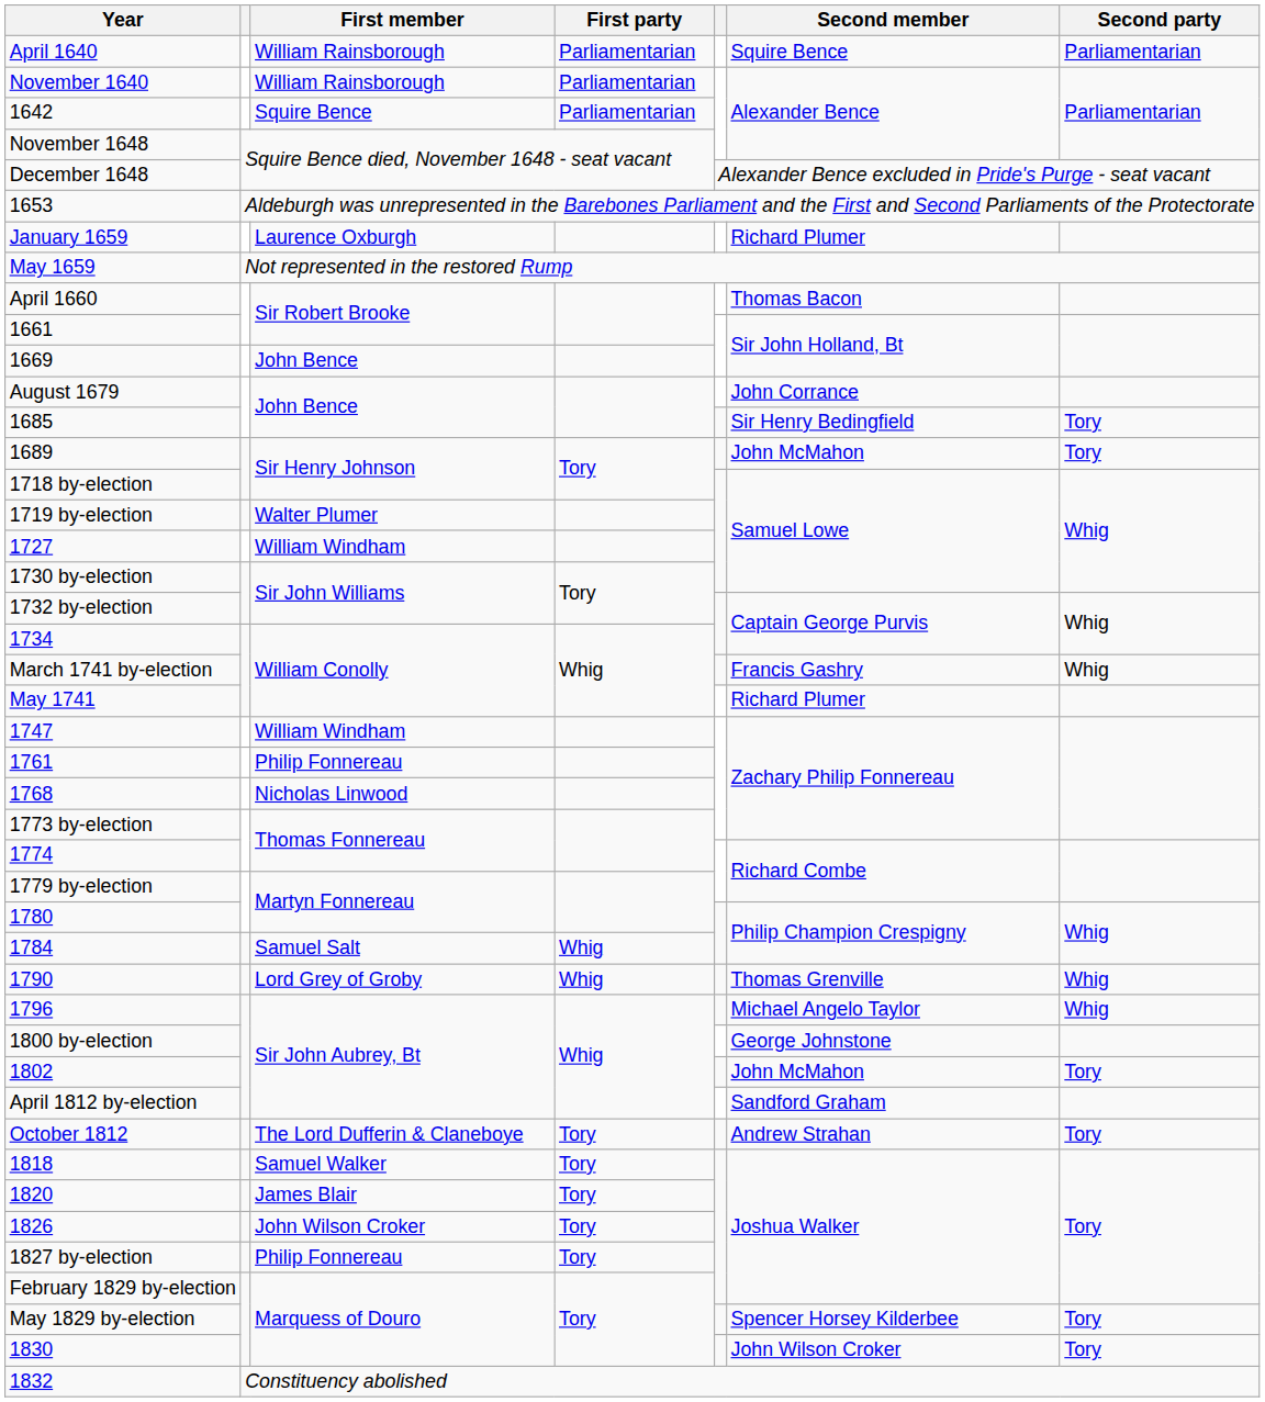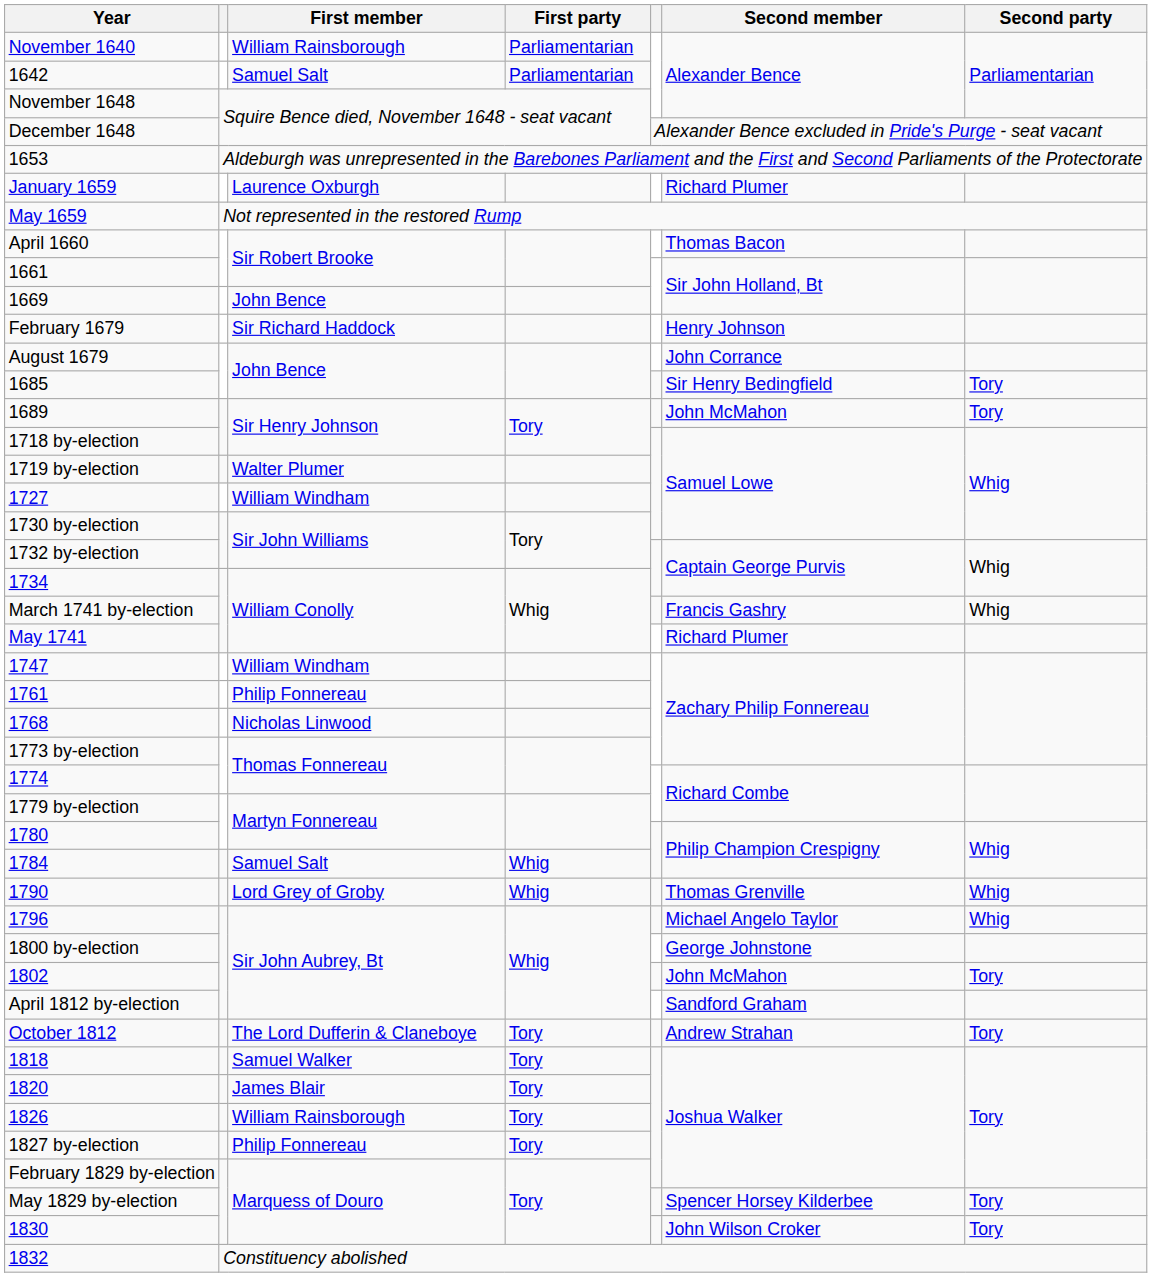 <table class="wikitable">
 <tr>
 <th>Year</th>
 <th></th>
 <th>First member</th>
 <th>First party</th>
 <th></th>
 <th>Second member</th>
 <th>Second party</th>
-</tr>
-<tr>
-<td><a href='#'>April 1640</a></td>
-<td style="color:inherit;background-color: white"></td>
-<td><a href='#'>William Rainsborough</a></td>
-<td><a href='#'>Parliamentarian</a></td>
-<td style="color:inherit;background-color: white"></td>
-<td><a href='#'>Squire Bence</a></td>
-<td><a href='#'>Parliamentarian</a></td>
 </tr>
 <tr>
 <td><a href='#'>November 1640</a></td>
 <td style="color:inherit;background-color: white"></td>
 <td><a href='#'>William Rainsborough</a></td>
 <td><a href='#'>Parliamentarian</a></td>
 <td rowspan="3" style="color:inherit;background-color: white"></td>
 <td rowspan="3"><a href='#'>Alexander Bence</a></td>
 <td rowspan="3"><a href='#'>Parliamentarian</a></td>
 </tr>
 <tr>
 <td>1642</td>
 <td style="color:inherit;background-color: white"></td>
-<td><a href='#'>Squire Bence</a></td>
+<td><a href='#'>Samuel Salt</a></td>
 <td><a href='#'>Parliamentarian</a></td>
 </tr>
 <tr>
 <td>November 1648</td>
 <td rowspan="2" colspan="3"><em>Squire Bence died, November 1648 - seat vacant</em></td>
 </tr>
 <tr>
 <td>December 1648</td>
 <td colspan="3"><em>Alexander Bence excluded in <a href='#'>Pride's Purge</a> - seat vacant</em></td>
 </tr>
 <tr>
 <td>1653</td>
 <td colspan="6"><em>Aldeburgh was unrepresented in the <a href='#'>Barebones Parliament</a> and the <a href='#'>First</a> and <a href='#'>Second</a> Parliaments of the Protectorate</em></td>
 </tr>
 <tr>
 <td><a href='#'>January 1659</a></td>
 <td style="color:inherit;background-color: white"></td>
 <td><a href='#'>Laurence Oxburgh</a></td>
 <td></td>
 <td style="color:inherit;background-color: white"></td>
 <td><a href='#'>Richard Plumer</a></td>
 <td></td>
 </tr>
 <tr>
 <td><a href='#'>May 1659</a></td>
 <td colspan="6"><em>Not represented in the restored <a href='#'>Rump</a></em></td>
 </tr>
 <tr>
 <td>April 1660</td>
 <td rowspan="2" style="color:inherit;background-color: white"></td>
 <td rowspan="2"><a href='#'>Sir Robert Brooke</a></td>
 <td rowspan="2"></td>
 <td style="color:inherit;background-color: white"></td>
 <td><a href='#'>Thomas Bacon</a></td>
 <td></td>
 </tr>
 <tr>
 <td>1661</td>
 <td rowspan="2" style="color:inherit;background-color: white"></td>
 <td rowspan="2"><a href='#'>Sir John Holland, Bt</a></td>
 <td rowspan="2"></td>
 </tr>
 <tr>
 <td>1669</td>
 <td style="color:inherit;background-color: white"></td>
 <td><a href='#'>John Bence</a></td>
+<td></td>
+</tr>
+<tr>
+<td>February 1679</td>
+<td style="color:inherit;background-color: white"></td>
+<td><a href='#'>Sir Richard Haddock</a></td>
+<td></td>
+<td style="color:inherit;background-color: white"></td>
+<td><a href='#'>Henry Johnson</a></td>
 <td></td>
 </tr>
 <tr>
 <td>August 1679</td>
 <td rowspan="2" style="color:inherit;background-color: white"></td>
 <td rowspan="2"><a href='#'>John Bence</a></td>
 <td rowspan="2"></td>
 <td style="color:inherit;background-color: white"></td>
 <td><a href='#'>John Corrance</a></td>
 <td></td>
 </tr>
 <tr>
 <td>1685</td>
 <td style="color:inherit;background-color: "></td>
 <td><a href='#'>Sir Henry Bedingfield</a></td>
 <td> <a href='#'>Tory</a></td>
 </tr>
 <tr>
 <td>1689</td>
 <td rowspan="2" style="color:inherit;background-color: "></td>
 <td rowspan="2"><a href='#'>Sir Henry Johnson</a></td>
 <td rowspan="2"> <a href='#'>Tory</a></td>
 <td style="color:inherit;background-color: "></td>
 <td><a href='#'>John McMahon</a></td>
 <td> <a href='#'>Tory</a></td>
 </tr>
 <tr>
 <td>1718 by-election</td>
 <td rowspan="4" style="color:inherit;background-color: "></td>
 <td rowspan="4"><a href='#'>Samuel Lowe</a></td>
 <td rowspan="4"> <a href='#'>Whig</a></td>
 </tr>
 <tr>
 <td>1719 by-election</td>
 <td style="color:inherit;background-color: "></td>
 <td><a href='#'>Walter Plumer</a></td>
 <td></td>
 </tr>
 <tr>
 <td><a href='#'>1727</a></td>
 <td style="color:inherit;background-color: white"></td>
 <td><a href='#'>William Windham</a></td>
 <td></td>
 </tr>
 <tr>
 <td>1730 by-election</td>
 <td rowspan="2" style="color:inherit;background-color: "></td>
 <td rowspan="2"><a href='#'>Sir John Williams</a></td>
 <td rowspan="2">Tory</td>
 </tr>
 <tr>
 <td>1732 by-election</td>
 <td rowspan="2" style="color:inherit;background-color: "></td>
 <td rowspan="2"><a href='#'>Captain George Purvis</a></td>
 <td rowspan="2">Whig</td>
 </tr>
 <tr>
 <td><a href='#'>1734</a></td>
 <td rowspan="3" style="color:inherit;background-color: "></td>
 <td rowspan="3"><a href='#'>William Conolly</a></td>
 <td rowspan="3">Whig</td>
 </tr>
 <tr>
 <td>March 1741 by-election</td>
 <td style="color:inherit;background-color: "></td>
 <td><a href='#'>Francis Gashry</a></td>
 <td>Whig</td>
 </tr>
 <tr>
 <td><a href='#'>May 1741</a></td>
 <td style="color:inherit;background-color: white"></td>
 <td><a href='#'>Richard Plumer</a></td>
 <td></td>
 </tr>
 <tr>
 <td><a href='#'>1747</a></td>
 <td style="color:inherit;background-color: white"></td>
 <td><a href='#'>William Windham</a></td>
 <td></td>
 <td rowspan="4" style="color:inherit;background-color: white"></td>
 <td rowspan="4"><a href='#'>Zachary Philip Fonnereau</a></td>
 <td rowspan="4"></td>
 </tr>
 <tr>
 <td><a href='#'>1761</a></td>
 <td style="color:inherit;background-color: white"></td>
 <td><a href='#'>Philip Fonnereau</a></td>
 <td></td>
 </tr>
 <tr>
 <td><a href='#'>1768</a></td>
 <td style="color:inherit;background-color: white"></td>
 <td><a href='#'>Nicholas Linwood</a></td>
 <td></td>
 </tr>
 <tr>
 <td>1773 by-election</td>
 <td rowspan="2" style="color:inherit;background-color: white"></td>
 <td rowspan="2"><a href='#'>Thomas Fonnereau</a></td>
 <td rowspan="2"></td>
 </tr>
 <tr>
 <td><a href='#'>1774</a></td>
 <td rowspan="2" style="color:inherit;background-color: white"></td>
 <td rowspan="2"><a href='#'>Richard Combe</a></td>
 <td rowspan="2"></td>
 </tr>
 <tr>
 <td>1779 by-election</td>
 <td rowspan="2" style="color:inherit;background-color: white"></td>
 <td rowspan="2"><a href='#'>Martyn Fonnereau</a></td>
 <td rowspan="2"></td>
 </tr>
 <tr>
 <td><a href='#'>1780</a></td>
 <td rowspan="2" style="color:inherit;background-color: "></td>
 <td rowspan="2"><a href='#'>Philip Champion Crespigny</a></td>
 <td rowspan="2"> <a href='#'>Whig</a></td>
 </tr>
 <tr>
 <td><a href='#'>1784</a></td>
 <td style="color:inherit;background-color: "></td>
 <td><a href='#'>Samuel Salt</a></td>
 <td> <a href='#'>Whig</a></td>
 </tr>
 <tr>
 <td><a href='#'>1790</a></td>
 <td style="color:inherit;background-color: "></td>
 <td><a href='#'>Lord Grey of Groby</a></td>
 <td> <a href='#'>Whig</a></td>
 <td style="color:inherit;background-color: "></td>
 <td><a href='#'>Thomas Grenville</a></td>
 <td> <a href='#'>Whig</a></td>
 </tr>
 <tr>
 <td><a href='#'>1796</a></td>
 <td rowspan="4" style="color:inherit;background-color: "></td>
 <td rowspan="4"><a href='#'>Sir John Aubrey, Bt</a></td>
 <td rowspan="4"><a href='#'>Whig</a></td>
 <td style="color:inherit;background-color: "></td>
 <td><a href='#'>Michael Angelo Taylor</a></td>
 <td><a href='#'>Whig</a></td>
 </tr>
 <tr>
 <td>1800 by-election</td>
 <td style="color:inherit;background-color: white"></td>
 <td><a href='#'>George Johnstone</a></td>
 <td></td>
 </tr>
 <tr>
 <td><a href='#'>1802</a></td>
 <td style="color:inherit;background-color: "></td>
 <td><a href='#'>John McMahon</a></td>
 <td><a href='#'>Tory</a></td>
 </tr>
 <tr>
 <td>April 1812 by-election</td>
 <td style="color:inherit;background-color: white"></td>
 <td><a href='#'>Sandford Graham</a></td>
 <td></td>
 </tr>
 <tr>
 <td><a href='#'>October 1812</a></td>
 <td style="color:inherit;background-color: "></td>
 <td><a href='#'>The Lord Dufferin & Claneboye</a></td>
 <td><a href='#'>Tory</a></td>
 <td style="color:inherit;background-color: "></td>
 <td><a href='#'>Andrew Strahan</a></td>
 <td><a href='#'>Tory</a></td>
 </tr>
 <tr>
 <td><a href='#'>1818</a></td>
 <td style="color:inherit;background-color: "></td>
 <td><a href='#'>Samuel Walker</a></td>
 <td><a href='#'>Tory</a></td>
 <td rowspan="5" style="color:inherit;background-color: "></td>
 <td rowspan="5"><a href='#'>Joshua Walker</a></td>
 <td rowspan="5"><a href='#'>Tory</a></td>
 </tr>
 <tr>
 <td><a href='#'>1820</a></td>
 <td style="color:inherit;background-color: "></td>
 <td><a href='#'>James Blair</a></td>
 <td><a href='#'>Tory</a></td>
 </tr>
 <tr>
 <td><a href='#'>1826</a></td>
 <td style="color:inherit;background-color: "></td>
-<td><a href='#'>John Wilson Croker</a></td>
+<td><a href='#'>William Rainsborough</a></td>
 <td><a href='#'>Tory</a></td>
 </tr>
 <tr>
 <td>1827 by-election</td>
 <td style="color:inherit;background-color: "></td>
 <td><a href='#'>Philip Fonnereau</a></td>
 <td><a href='#'>Tory</a></td>
 </tr>
 <tr>
 <td>February 1829 by-election</td>
 <td rowspan="3" style="color:inherit;background-color: "></td>
 <td rowspan="3"><a href='#'>Marquess of Douro</a></td>
 <td rowspan="3"><a href='#'>Tory</a></td>
 </tr>
 <tr>
 <td>May 1829 by-election</td>
 <td style="color:inherit;background-color: "></td>
 <td><a href='#'>Spencer Horsey Kilderbee</a></td>
 <td><a href='#'>Tory</a></td>
 </tr>
 <tr>
 <td><a href='#'>1830</a></td>
 <td style="color:inherit;background-color: "></td>
 <td><a href='#'>John Wilson Croker</a></td>
 <td><a href='#'>Tory</a></td>
 </tr>
 <tr>
 <td><a href='#'>1832</a></td>
 <td colspan="6"><em>Constituency abolished</em></td>
 </tr>
 </table>
